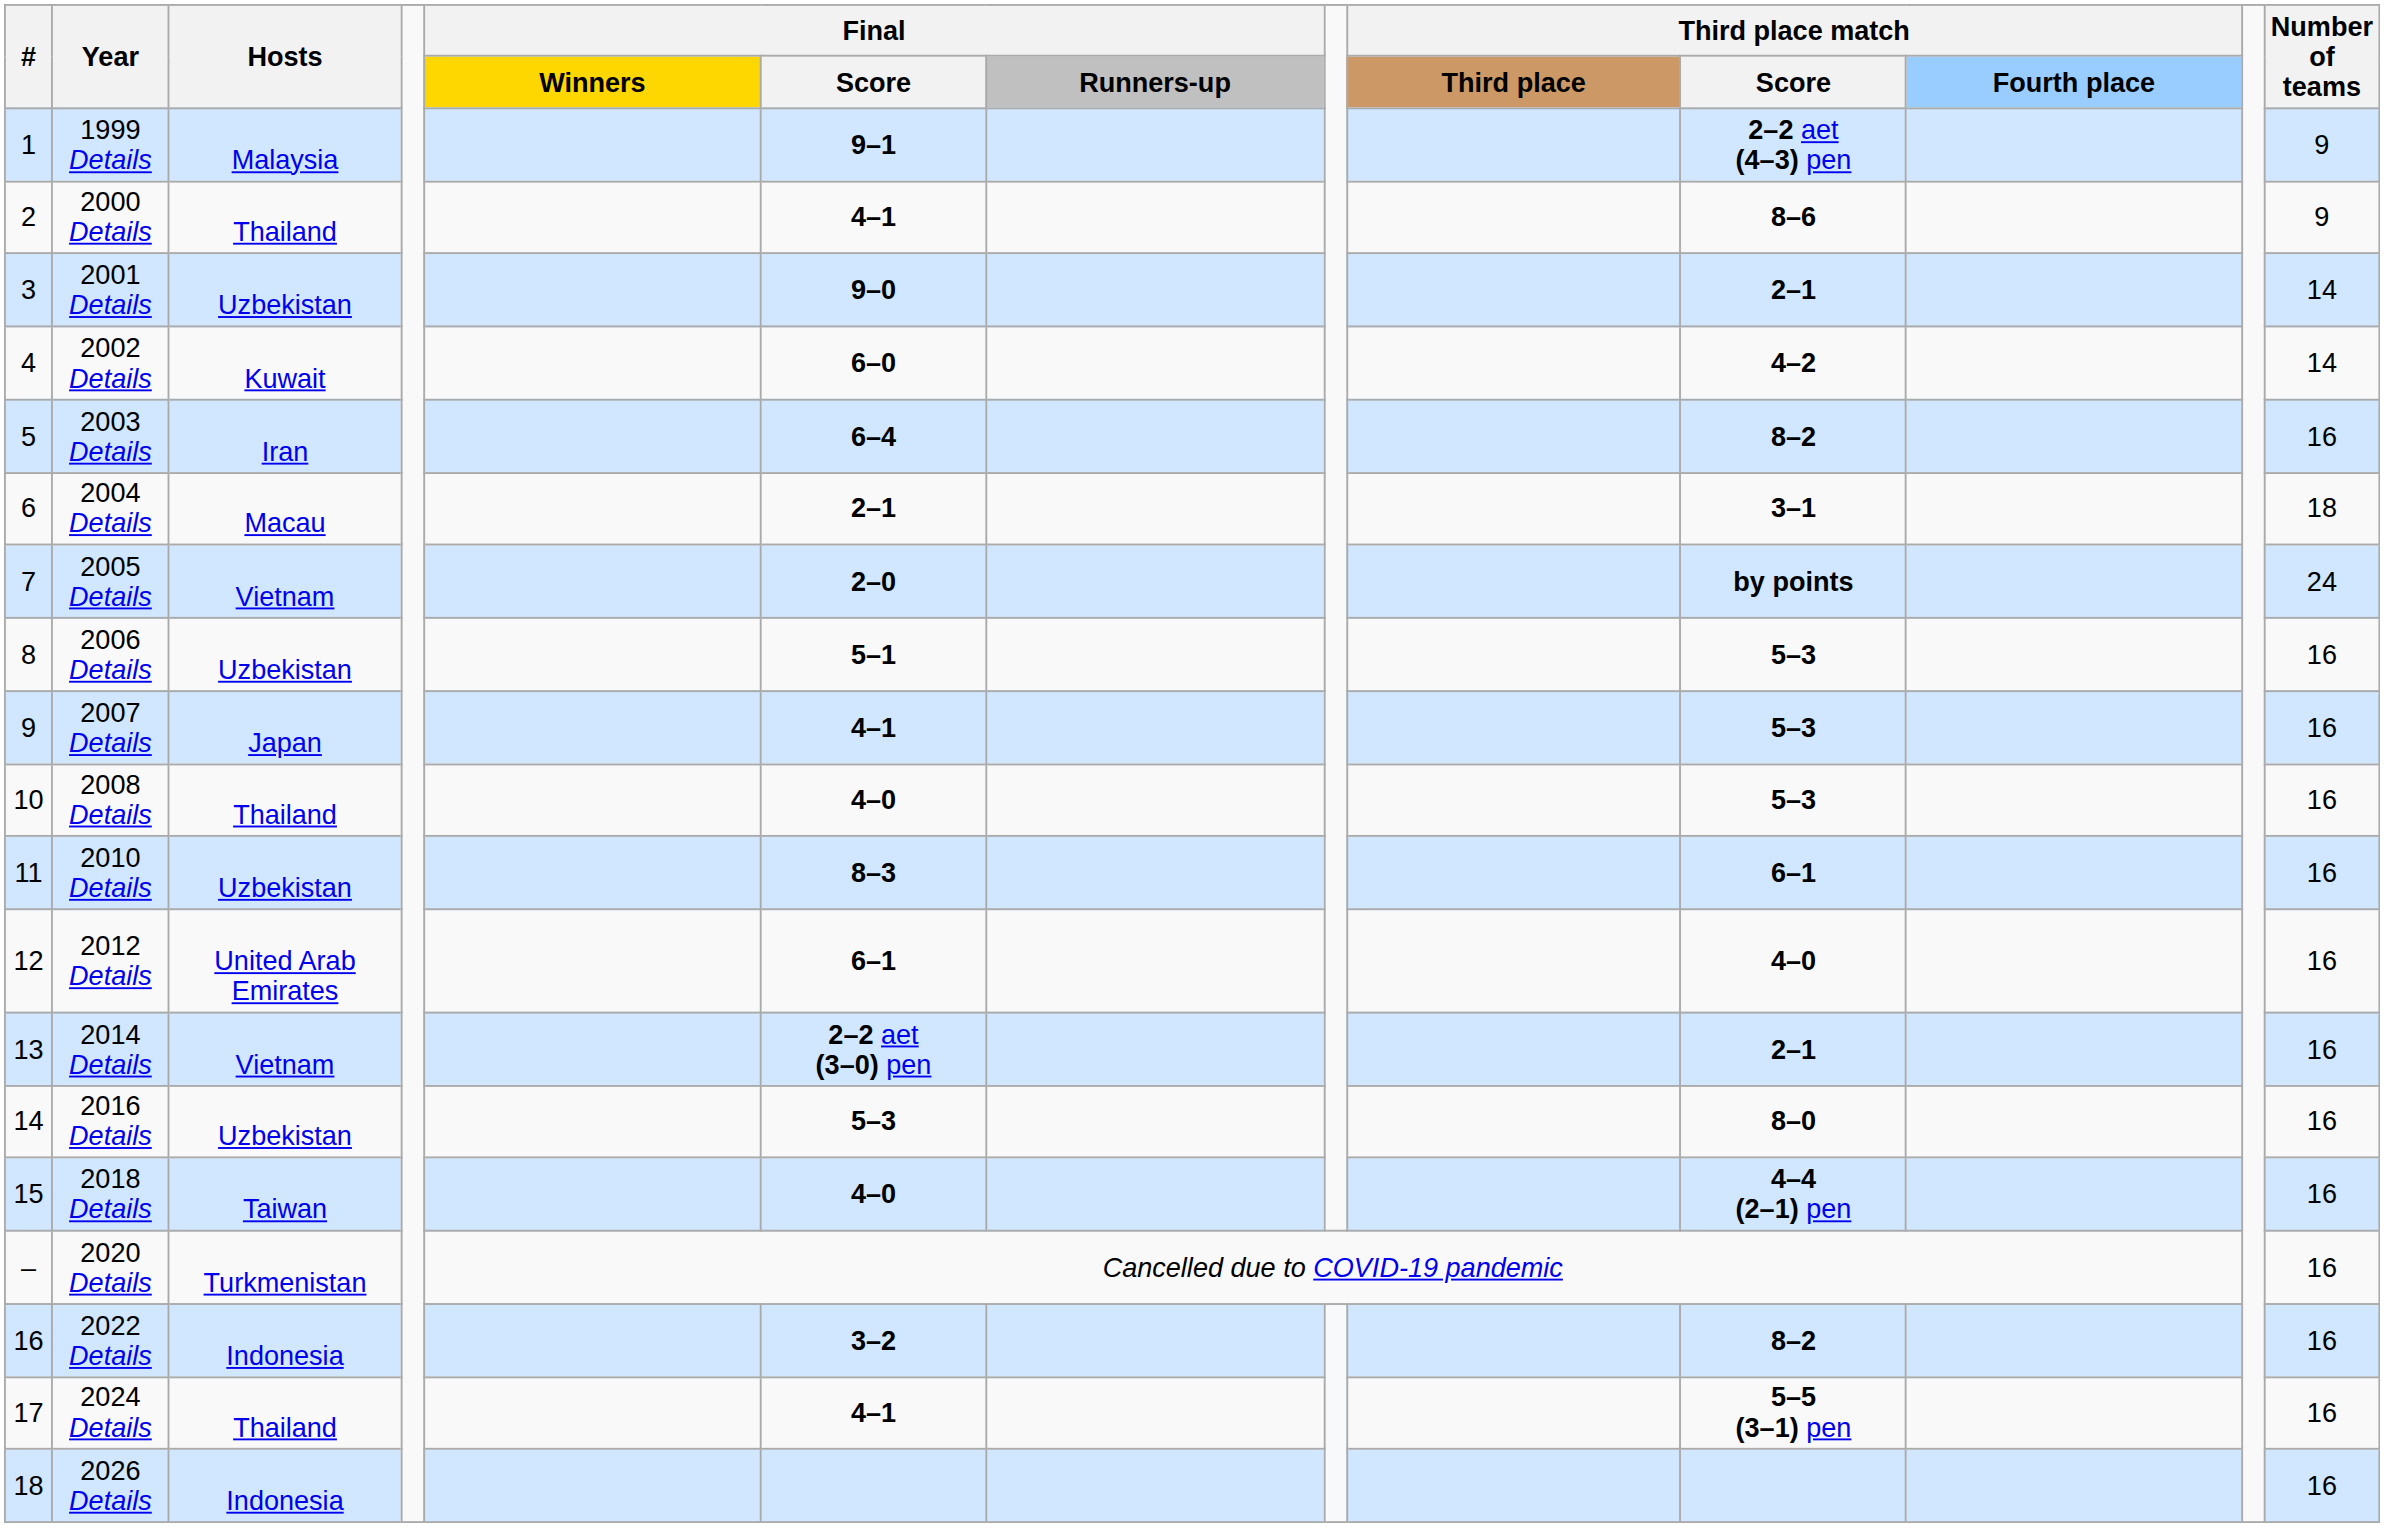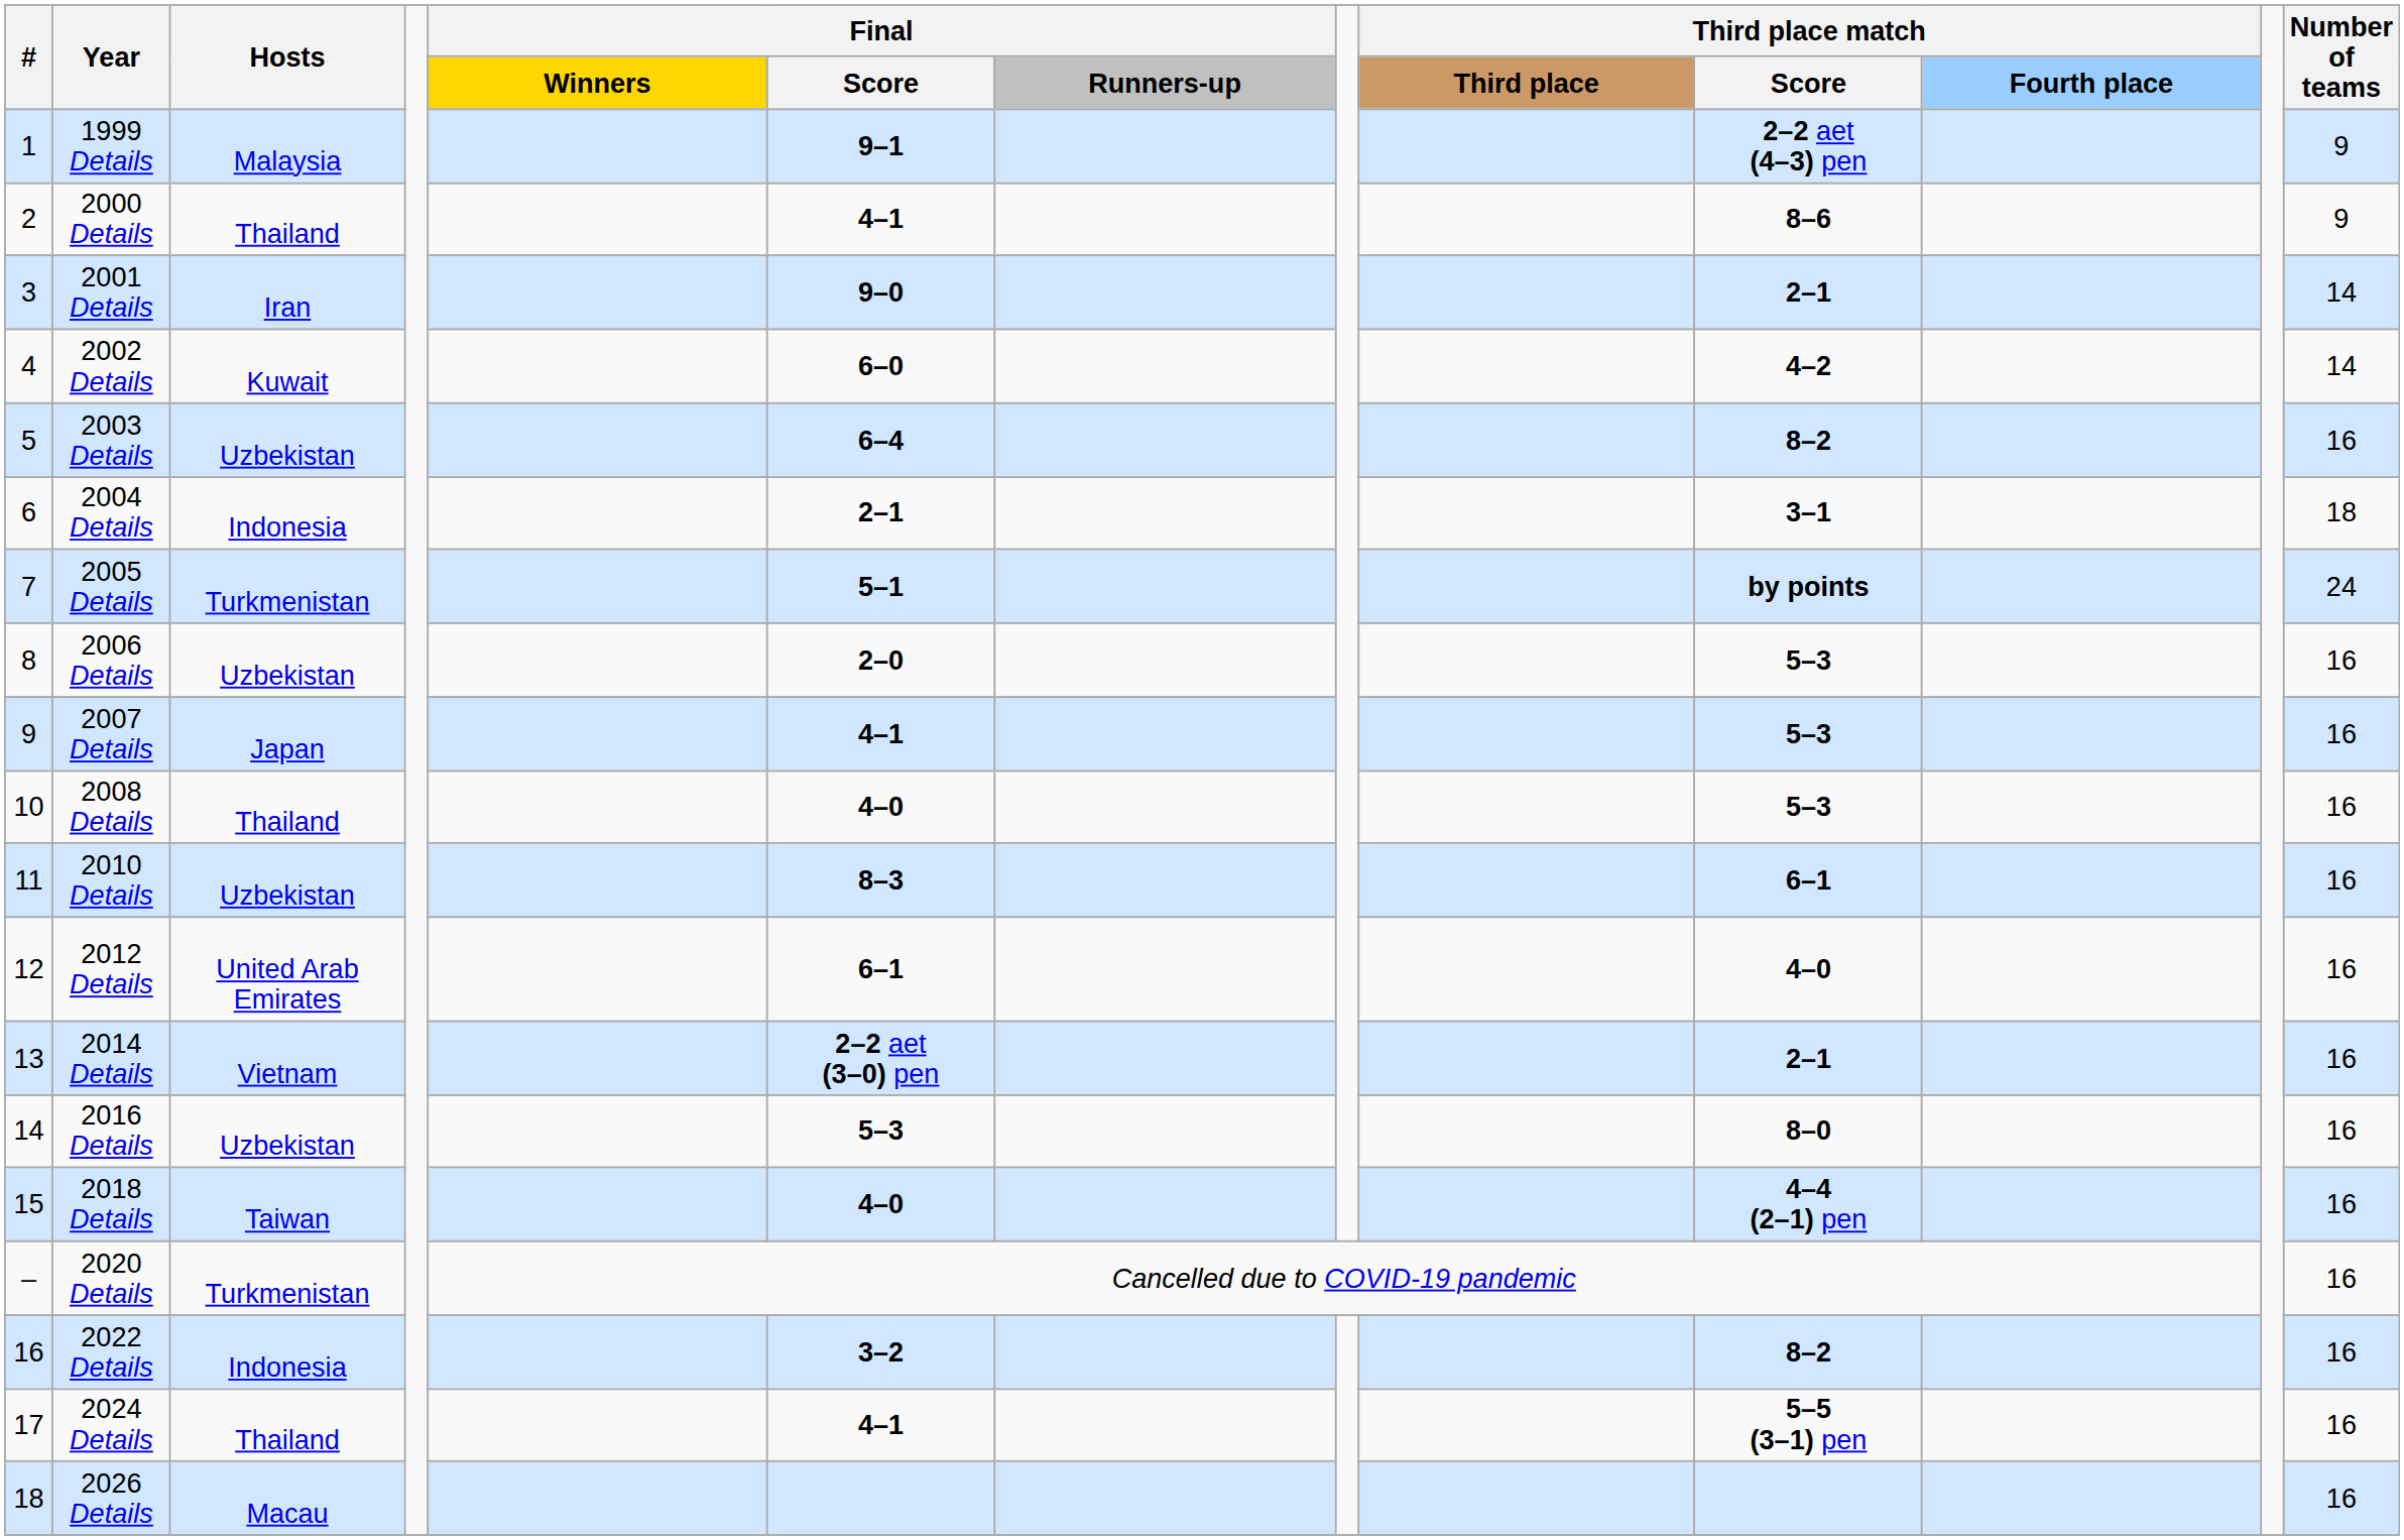 <table class="wikitable" style="font-size:90%; text-align:center; width:100%;">
 <tr>
 <th rowspan="2" style="width:2%;">#</th>
 <th rowspan="2" style="width:5%;">Year</th>
 <th rowspan="2" style="width:10%;">Hosts</th>
 <td width = 1% rowspan=21></td>
 <th colspan=3>Final</th>
 <td width = 1% rowspan=17></td>
 <th colspan=3>Third place match</th>
 <td width = 1% rowspan=21></td>
 <th rowspan=2>Number of teams</th>
 </tr>
 <tr>
 <th style="width:15%; background:gold;">Winners</th>
 <th style="width:10%;">Score</th>
 <th style="width:15%; background:silver;">Runners-up</th>
 <th style="width:15%; background:#c96;">Third place</th>
 <th style="width:10%;">Score</th>
 <th style="width:15%; background:#9acdff;">Fourth place</th>
 </tr>
 <tr bgcolor=#D0E7FF>
 <td>1</td>
 <td>1999<br><em><a href='#'>Details</a></em></td>
 <td><br><a href='#'>Malaysia</a></td>
 <td><strong></strong></td>
 <td><strong>9–1</strong></td>
 <td></td>
 <td></td>
 <td><strong>2–2</strong> <a href='#'>aet</a><br><strong>(4–3)</strong> <a href='#'>pen</a></td>
 <td></td>
 <td>9</td>
 </tr>
 <tr>
 <td>2</td>
 <td>2000<br><em><a href='#'>Details</a></em></td>
 <td><br><a href='#'>Thailand</a></td>
 <td><strong></strong></td>
 <td><strong>4–1</strong></td>
 <td></td>
 <td></td>
 <td><strong>8–6</strong></td>
 <td></td>
 <td>9</td>
 </tr>
 <tr bgcolor=#D0E7FF>
 <td>3</td>
 <td>2001<br><em><a href='#'>Details</a></em></td>
-<td><br><a href='#'>Uzbekistan</a></td>
+<td><br><a href='#'>Iran</a></td>
 <td><strong></strong></td>
 <td><strong>9–0</strong></td>
 <td></td>
 <td></td>
 <td><strong>2–1</strong></td>
 <td></td>
 <td>14</td>
 </tr>
 <tr>
 <td>4</td>
 <td>2002<br><em><a href='#'>Details</a></em></td>
 <td><br><a href='#'>Kuwait</a></td>
 <td><strong></strong></td>
 <td><strong>6–0</strong></td>
 <td></td>
 <td></td>
 <td><strong>4–2</strong></td>
 <td></td>
 <td>14</td>
 </tr>
 <tr bgcolor=#D0E7FF>
 <td>5</td>
 <td>2003<br><em><a href='#'>Details</a></em></td>
-<td><br><a href='#'>Iran</a></td>
+<td><br><a href='#'>Uzbekistan</a></td>
 <td><strong></strong></td>
 <td><strong>6–4</strong></td>
 <td></td>
 <td></td>
 <td><strong>8–2</strong></td>
 <td></td>
 <td>16</td>
 </tr>
 <tr>
 <td>6</td>
 <td>2004<br><em><a href='#'>Details</a></em></td>
-<td><br><a href='#'>Macau</a></td>
+<td><br><a href='#'>Indonesia</a></td>
 <td><strong></strong></td>
 <td><strong>2–1</strong></td>
 <td></td>
 <td></td>
 <td><strong>3–1</strong></td>
 <td></td>
 <td>18</td>
 </tr>
 <tr bgcolor=#D0E7FF>
 <td>7</td>
 <td>2005<br><em><a href='#'>Details</a></em></td>
-<td><br><a href='#'>Vietnam</a></td>
+<td><br><a href='#'>Turkmenistan</a></td>
 <td><strong></strong></td>
-<td><strong>2–0</strong></td>
+<td><strong>5–1</strong></td>
 <td></td>
 <td></td>
 <td><strong>by points</strong></td>
 <td></td>
 <td>24</td>
 </tr>
 <tr>
 <td>8</td>
 <td>2006<br><em><a href='#'>Details</a></em></td>
 <td><br><a href='#'>Uzbekistan</a></td>
 <td><strong></strong></td>
-<td><strong>5–1</strong></td>
+<td><strong>2–0</strong></td>
 <td></td>
 <td></td>
 <td><strong>5–3</strong></td>
 <td></td>
 <td>16</td>
 </tr>
 <tr bgcolor=#D0E7FF>
 <td>9</td>
 <td>2007<br><em><a href='#'>Details</a></em></td>
 <td><br><a href='#'>Japan</a></td>
 <td><strong></strong></td>
 <td><strong>4–1</strong></td>
 <td></td>
 <td></td>
 <td><strong>5–3</strong></td>
 <td></td>
 <td>16</td>
 </tr>
 <tr>
 <td>10</td>
 <td>2008<br><em><a href='#'>Details</a></em></td>
 <td><br><a href='#'>Thailand</a></td>
 <td><strong></strong></td>
 <td><strong>4–0</strong></td>
 <td></td>
 <td></td>
 <td><strong>5–3</strong></td>
 <td></td>
 <td>16</td>
 </tr>
 <tr bgcolor=#D0E7FF>
 <td>11</td>
 <td>2010<br><em><a href='#'>Details</a></em></td>
 <td><br><a href='#'>Uzbekistan</a></td>
 <td><strong></strong></td>
 <td><strong>8–3</strong></td>
 <td></td>
 <td></td>
 <td><strong>6–1</strong></td>
 <td></td>
 <td>16</td>
 </tr>
 <tr>
 <td>12</td>
 <td>2012<br><em><a href='#'>Details</a></em></td>
 <td><br><a href='#'>United Arab Emirates</a></td>
 <td><strong></strong></td>
 <td><strong>6–1</strong></td>
 <td></td>
 <td></td>
 <td><strong>4–0</strong></td>
 <td></td>
 <td>16</td>
 </tr>
 <tr bgcolor=#D0E7FF>
 <td>13</td>
 <td>2014<br><em><a href='#'>Details</a></em></td>
 <td><br><a href='#'>Vietnam</a></td>
 <td><strong></strong></td>
 <td><strong>2–2</strong> <a href='#'>aet</a><br><strong>(3–0)</strong> <a href='#'>pen</a></td>
 <td></td>
 <td></td>
 <td><strong>2–1</strong></td>
 <td></td>
 <td>16</td>
 </tr>
 <tr>
 <td>14</td>
 <td>2016<br><em><a href='#'>Details</a></em></td>
 <td><br><a href='#'>Uzbekistan</a></td>
 <td><strong></strong></td>
 <td><strong>5–3</strong></td>
 <td></td>
 <td></td>
 <td><strong>8–0</strong></td>
 <td></td>
 <td>16</td>
 </tr>
 <tr bgcolor=#D0E7FF>
 <td>15</td>
 <td>2018<br><em><a href='#'>Details</a></em></td>
 <td><br><a href='#'>Taiwan</a></td>
 <td><strong></strong></td>
 <td><strong>4–0</strong></td>
 <td></td>
 <td></td>
 <td><strong>4–4</strong><br><strong>(2–1)</strong> <a href='#'>pen</a></td>
 <td></td>
 <td>16</td>
 </tr>
 <tr>
 <td>–</td>
 <td>2020<br><em><a href='#'>Details</a></em></td>
 <td><br><a href='#'>Turkmenistan</a></td>
 <td colspan=7><em>Cancelled due to <a href='#'>COVID-19 pandemic</a></em></td>
 <td>16</td>
 </tr>
 <tr bgcolor=#D0E7FF>
 <td>16</td>
 <td>2022<br><em><a href='#'>Details</a></em></td>
 <td><br><a href='#'>Indonesia</a></td>
 <td><strong></strong></td>
 <td><strong>3–2</strong></td>
 <td></td>
 <td bgcolor=#F8F9FA width = 1% rowspan=3></td>
 <td></td>
 <td><strong>8–2</strong></td>
 <td></td>
 <td>16</td>
 </tr>
 <tr>
 <td>17</td>
 <td>2024<br><em><a href='#'>Details</a></em></td>
 <td><br><a href='#'>Thailand</a></td>
 <td><strong></strong></td>
 <td><strong>4–1</strong></td>
 <td></td>
 <td></td>
 <td><strong>5–5</strong><br><strong>(3–1)</strong> <a href='#'>pen</a></td>
 <td></td>
 <td>16</td>
 </tr>
 <tr bgcolor=#D0E7FF>
 <td>18</td>
 <td>2026<br><em><a href='#'>Details</a></em></td>
-<td><br><a href='#'>Indonesia</a></td>
+<td><br><a href='#'>Macau</a></td>
 <td></td>
 <td></td>
 <td></td>
 <td></td>
 <td></td>
 <td></td>
 <td>16</td>
 </tr>
 </table>
